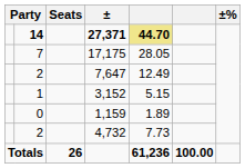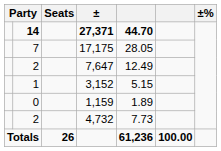 <table class=wikitable>
 <tr>
 <th colspan=2 align=center>Party</th>
 <th>Seats</th>
 <th>±</th>
 <th></th>
 <th></th>
 <th>±%</th>
 </tr>
 <tr>
 <td></td>
 <td align=right><strong>14</strong></td>
 <td align=right></td>
 <td align=right><strong>27,371</strong></td>
-<td align=right style="background: khaki;"><strong>44.70</strong></td>
+<td align=right><strong>44.70</strong></td>
 <td align=right></td>
 </tr>
 <tr>
 <td></td>
 <td align=right>7</td>
 <td align=right></td>
 <td align=right>17,175</td>
 <td align=right>28.05</td>
 <td align=right></td>
 </tr>
 <tr>
 <td></td>
 <td align=right>2</td>
 <td align=right></td>
 <td align=right>7,647</td>
 <td align=right>12.49</td>
 <td align=right></td>
 </tr>
 <tr>
 <td></td>
 <td align=right>1</td>
 <td align=right></td>
 <td align=right>3,152</td>
 <td align=right>5.15</td>
 <td align=right></td>
 </tr>
 <tr>
 <td></td>
 <td align=right>0</td>
 <td align=right></td>
 <td align=right>1,159</td>
 <td align=right>1.89</td>
 <td align=right></td>
 </tr>
 <tr>
 <td></td>
 <td align=right>2</td>
 <td align=right></td>
 <td align=right>4,732</td>
 <td align=right>7.73</td>
 <td align=right></td>
 </tr>
 <tr>
 <td colspan=2 align=center><strong>Totals</strong></td>
 <td align=right><strong>26</strong></td>
 <td align=center></td>
 <td align=right><strong>61,236</strong></td>
 <td align=center><strong>100.00</strong></td>
 <td align=center></td>
 </tr>
 </table>
